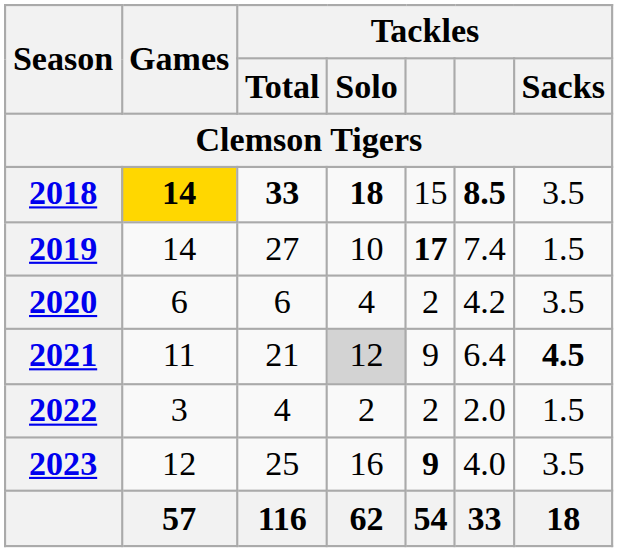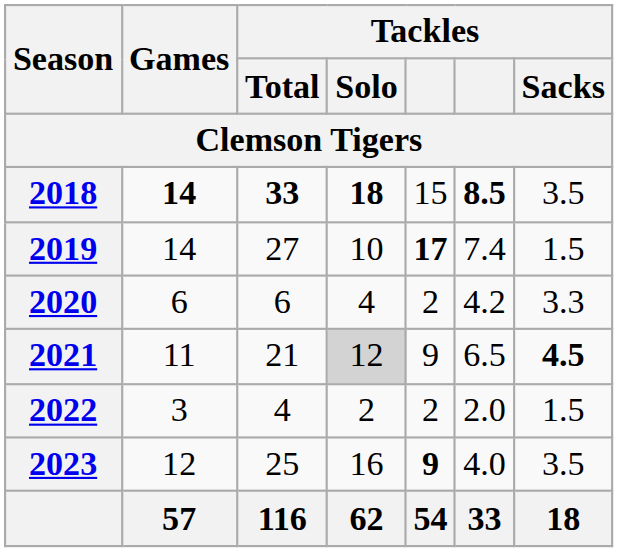 <table class=wikitable style="text-align:center;">
 <tr>
 <th rowspan=2>Season</th>
 <th colspan="1" rowspan="2">Games</th>
 <th colspan=5>Tackles</th>
 </tr>
 <tr>
 <th>Total</th>
 <th>Solo</th>
 <th></th>
 <th></th>
 <th>Sacks</th>
 </tr>
 <tr>
 <th colspan="7">Clemson Tigers</th>
 </tr>
 <tr>
 <th><a href='#'>2018</a></th>
-<td style="background: gold;"><strong>14</strong></td>
+<td><strong>14</strong></td>
 <td><strong>33</strong></td>
 <td><strong>18</strong></td>
 <td>15</td>
 <td><strong>8.5</strong></td>
 <td>3.5</td>
 </tr>
 <tr>
 <th><a href='#'>2019</a></th>
 <td>14</td>
 <td>27</td>
 <td>10</td>
 <td><strong>17</strong></td>
 <td>7.4</td>
 <td>1.5</td>
 </tr>
 <tr>
 <th><a href='#'>2020</a></th>
 <td>6</td>
 <td>6</td>
 <td>4</td>
 <td>2</td>
 <td>4.2</td>
-<td>3.5</td>
+<td>3.3</td>
 </tr>
 <tr>
 <th><a href='#'>2021</a></th>
 <td>11</td>
 <td>21</td>
 <td style="background: lightgrey;">12</td>
 <td>9</td>
-<td>6.4</td>
+<td>6.5</td>
 <td><strong>4.5</strong></td>
 </tr>
 <tr>
 <th><a href='#'>2022</a></th>
 <td>3</td>
 <td>4</td>
 <td>2</td>
 <td>2</td>
 <td>2.0</td>
 <td>1.5</td>
 </tr>
 <tr>
 <th><a href='#'>2023</a></th>
 <td>12</td>
 <td>25</td>
 <td>16</td>
 <td><strong>9</strong></td>
 <td>4.0</td>
 <td>3.5</td>
 </tr>
 <tr>
 <th></th>
 <th>57</th>
 <th>116</th>
 <th>62</th>
 <th>54</th>
 <th>33</th>
 <th>18</th>
 </tr>
 </table>
